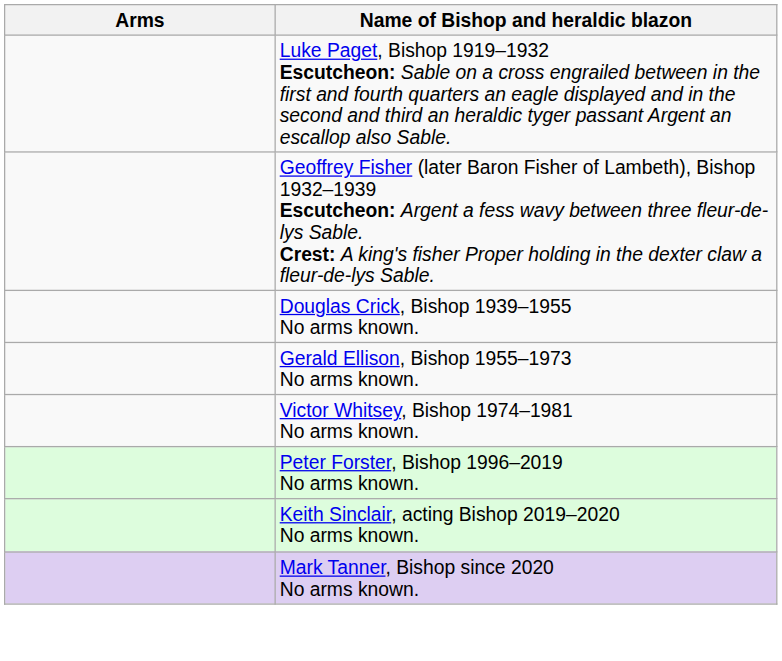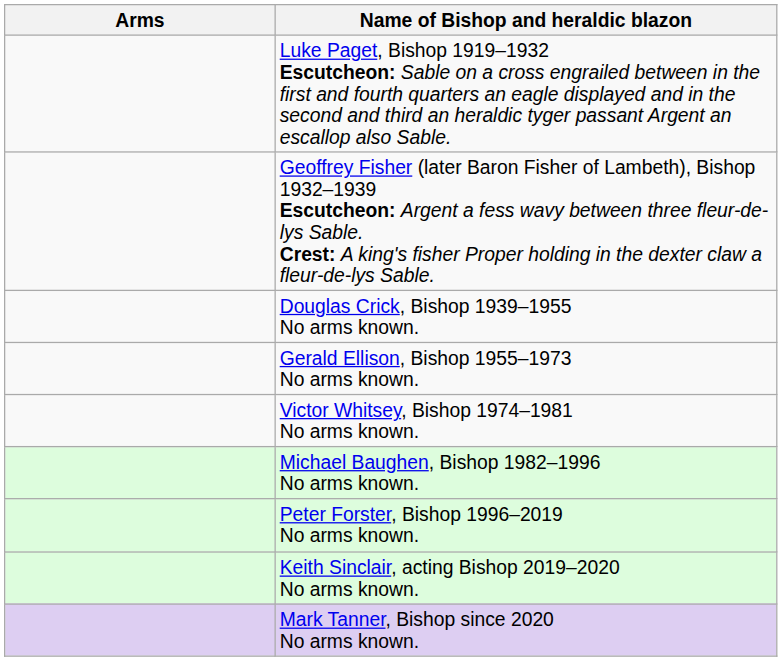 <table class=wikitable style=font-size:95%>
 <tr style="vertical-align:top; text-align:center;">
 <th style="width:206px;">Arms</th>
 <th>Name of Bishop and heraldic blazon</th>
 </tr>
 <tr valign=top>
 <td align=center></td>
 <td><a href='#'>Luke Paget</a>, Bishop 1919–1932<br><strong>Escutcheon:</strong> <em>Sable on a cross engrailed between in the first and fourth quarters an eagle displayed and in the second and third an heraldic tyger passant Argent an escallop also Sable.</em></td>
 </tr>
 <tr valign=top>
 <td align=center></td>
 <td><a href='#'>Geoffrey Fisher</a> (later Baron Fisher of Lambeth), Bishop 1932–1939<br><strong>Escutcheon:</strong> <em>Argent a fess wavy between three fleur-de-lys Sable.</em><br> <strong>Crest:</strong> <em>A king's fisher Proper holding in the dexter claw a fleur-de-lys Sable.</em></td>
 </tr>
 <tr valign=top>
 <td align=center></td>
 <td><a href='#'>Douglas Crick</a>, Bishop 1939–1955<br>No arms known.</td>
 </tr>
 <tr valign=top>
 <td align=center></td>
 <td><a href='#'>Gerald Ellison</a>, Bishop 1955–1973<br>No arms known.</td>
 </tr>
 <tr valign=top>
 <td align=center></td>
 <td><a href='#'>Victor Whitsey</a>, Bishop 1974–1981<br>No arms known.</td>
 </tr>
 <tr valign=top scope=row style="background:#DDFDDD">
 <td align=center></td>
+<td><a href='#'>Michael Baughen</a>, Bishop 1982–1996<br>No arms known.</td>
+</tr>
+<tr valign=top scope=row style="background:#DDFDDD">
+<td align=center></td>
 <td><a href='#'>Peter Forster</a>, Bishop 1996–2019<br>No arms known.</td>
 </tr>
 <tr valign=top scope=row style="background:#DDFDDD">
 <td align=center></td>
 <td><a href='#'>Keith Sinclair</a>, acting Bishop 2019–2020<br>No arms known.</td>
 </tr>
 <tr valign=top scope=row style="background:#DDcef2">
 <td align=center></td>
 <td><a href='#'>Mark Tanner</a>, Bishop since 2020<br>No arms known.</td>
 </tr>
 </table>
